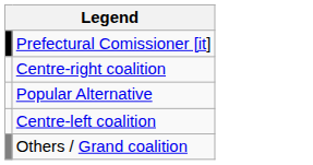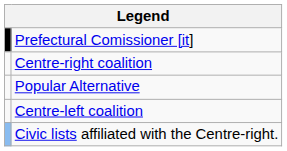 <table class="wikitable">
 <tr>
 <th colspan="2">Legend</th>
 </tr>
 <tr>
 <td bgcolor="black"></td>
 <td><a href='#'>Prefectural Comissioner [it</a>]</td>
 </tr>
 <tr>
 <td></td>
 <td><a href='#'>Centre-right coalition</a></td>
 </tr>
 <tr>
 <td></td>
 <td><a href='#'>Popular Alternative</a></td>
 </tr>
 <tr>
 <td></td>
 <td><a href='#'>Centre-left coalition</a></td>
 </tr>
 <tr>
-<td bgcolor="gray"></td>
-<td>Others / <a href='#'>Grand coalition</a></td>
+<td bgcolor="#89BCF0"></td>
+<td><a href='#'>Civic lists</a> affiliated with the Centre-right.</td>
 </tr>
 </table>
